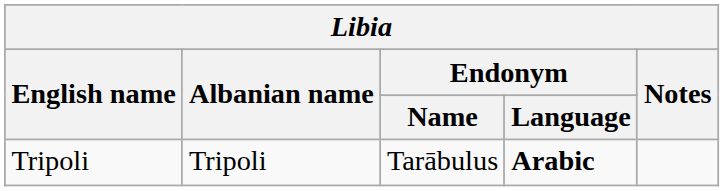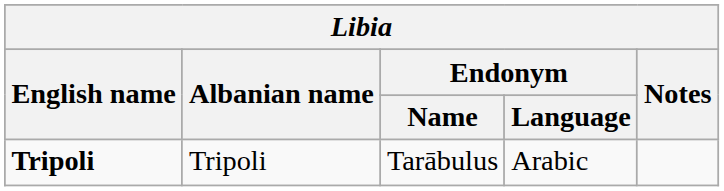 <table class="wikitable sortable">
 <tr>
 <th colspan="5"> <em>Libia</em></th>
 </tr>
 <tr>
 <th rowspan="2">English name</th>
 <th rowspan="2">Albanian name</th>
 <th colspan="2">Endonym</th>
 <th rowspan="2">Notes</th>
 </tr>
 <tr>
 <th>Name</th>
 <th>Language</th>
 </tr>
 <tr>
-<td>Tripoli</td>
+<td><strong>Tripoli</strong></td>
 <td>Tripoli</td>
 <td>Tarābulus</td>
-<td><strong>Arabic</strong></td>
+<td>Arabic</td>
 <td></td>
 </tr>
 </table>
